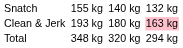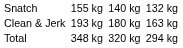 <table>
 <tr>
 <td>Snatch</td>
 <td></td>
 <td>155 kg</td>
 <td></td>
 <td>140 kg</td>
 <td></td>
 <td>132 kg</td>
 </tr>
 <tr>
 <td>Clean & Jerk</td>
 <td></td>
 <td>193 kg</td>
 <td></td>
 <td>180 kg</td>
 <td></td>
-<td style="background: pink;">163 kg</td>
+<td>163 kg</td>
 </tr>
 <tr>
 <td>Total</td>
 <td></td>
 <td>348 kg</td>
 <td></td>
 <td>320 kg</td>
 <td></td>
 <td>294 kg</td>
 </tr>
 </table>
